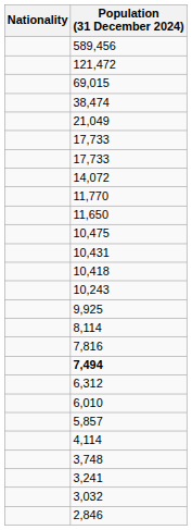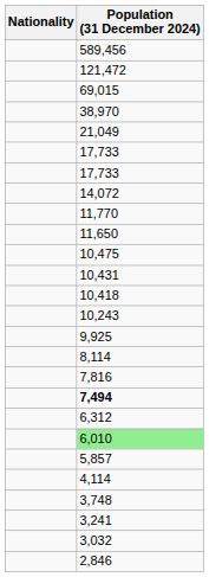 <table class="wikitable">
 <tr>
 <th>Nationality</th>
 <th>Population<br>(31 December 2024)</th>
 </tr>
 <tr>
 <td></td>
 <td>589,456</td>
 </tr>
 <tr>
 <td></td>
 <td>121,472</td>
 </tr>
 <tr>
 <td></td>
 <td>69,015</td>
 </tr>
 <tr>
 <td></td>
-<td>38,474</td>
+<td>38,970</td>
 </tr>
 <tr>
 <td></td>
 <td>21,049</td>
 </tr>
 <tr>
 <td></td>
 <td>17,733</td>
 </tr>
 <tr>
 <td></td>
 <td>17,733</td>
 </tr>
 <tr>
 <td></td>
 <td>14,072</td>
 </tr>
 <tr>
 <td></td>
 <td>11,770</td>
 </tr>
 <tr>
 <td></td>
 <td>11,650</td>
 </tr>
 <tr>
 <td></td>
 <td>10,475</td>
 </tr>
 <tr>
 <td></td>
 <td>10,431</td>
 </tr>
 <tr>
 <td></td>
 <td>10,418</td>
 </tr>
 <tr>
 <td></td>
 <td>10,243</td>
 </tr>
 <tr>
 <td></td>
 <td>9,925</td>
 </tr>
 <tr>
 <td></td>
 <td>8,114</td>
 </tr>
 <tr>
 <td></td>
 <td>7,816</td>
 </tr>
 <tr>
 <td></td>
 <td><strong>7,494</strong></td>
 </tr>
 <tr>
 <td></td>
 <td>6,312</td>
 </tr>
 <tr>
 <td></td>
-<td>6,010</td>
+<td style="background: lightgreen;">6,010</td>
 </tr>
 <tr>
 <td></td>
 <td>5,857</td>
 </tr>
 <tr>
 <td></td>
 <td>4,114</td>
 </tr>
 <tr>
 <td></td>
 <td>3,748</td>
 </tr>
 <tr>
 <td></td>
 <td>3,241</td>
 </tr>
 <tr>
 <td></td>
 <td>3,032</td>
 </tr>
 <tr>
 <td></td>
 <td>2,846</td>
 </tr>
 </table>
